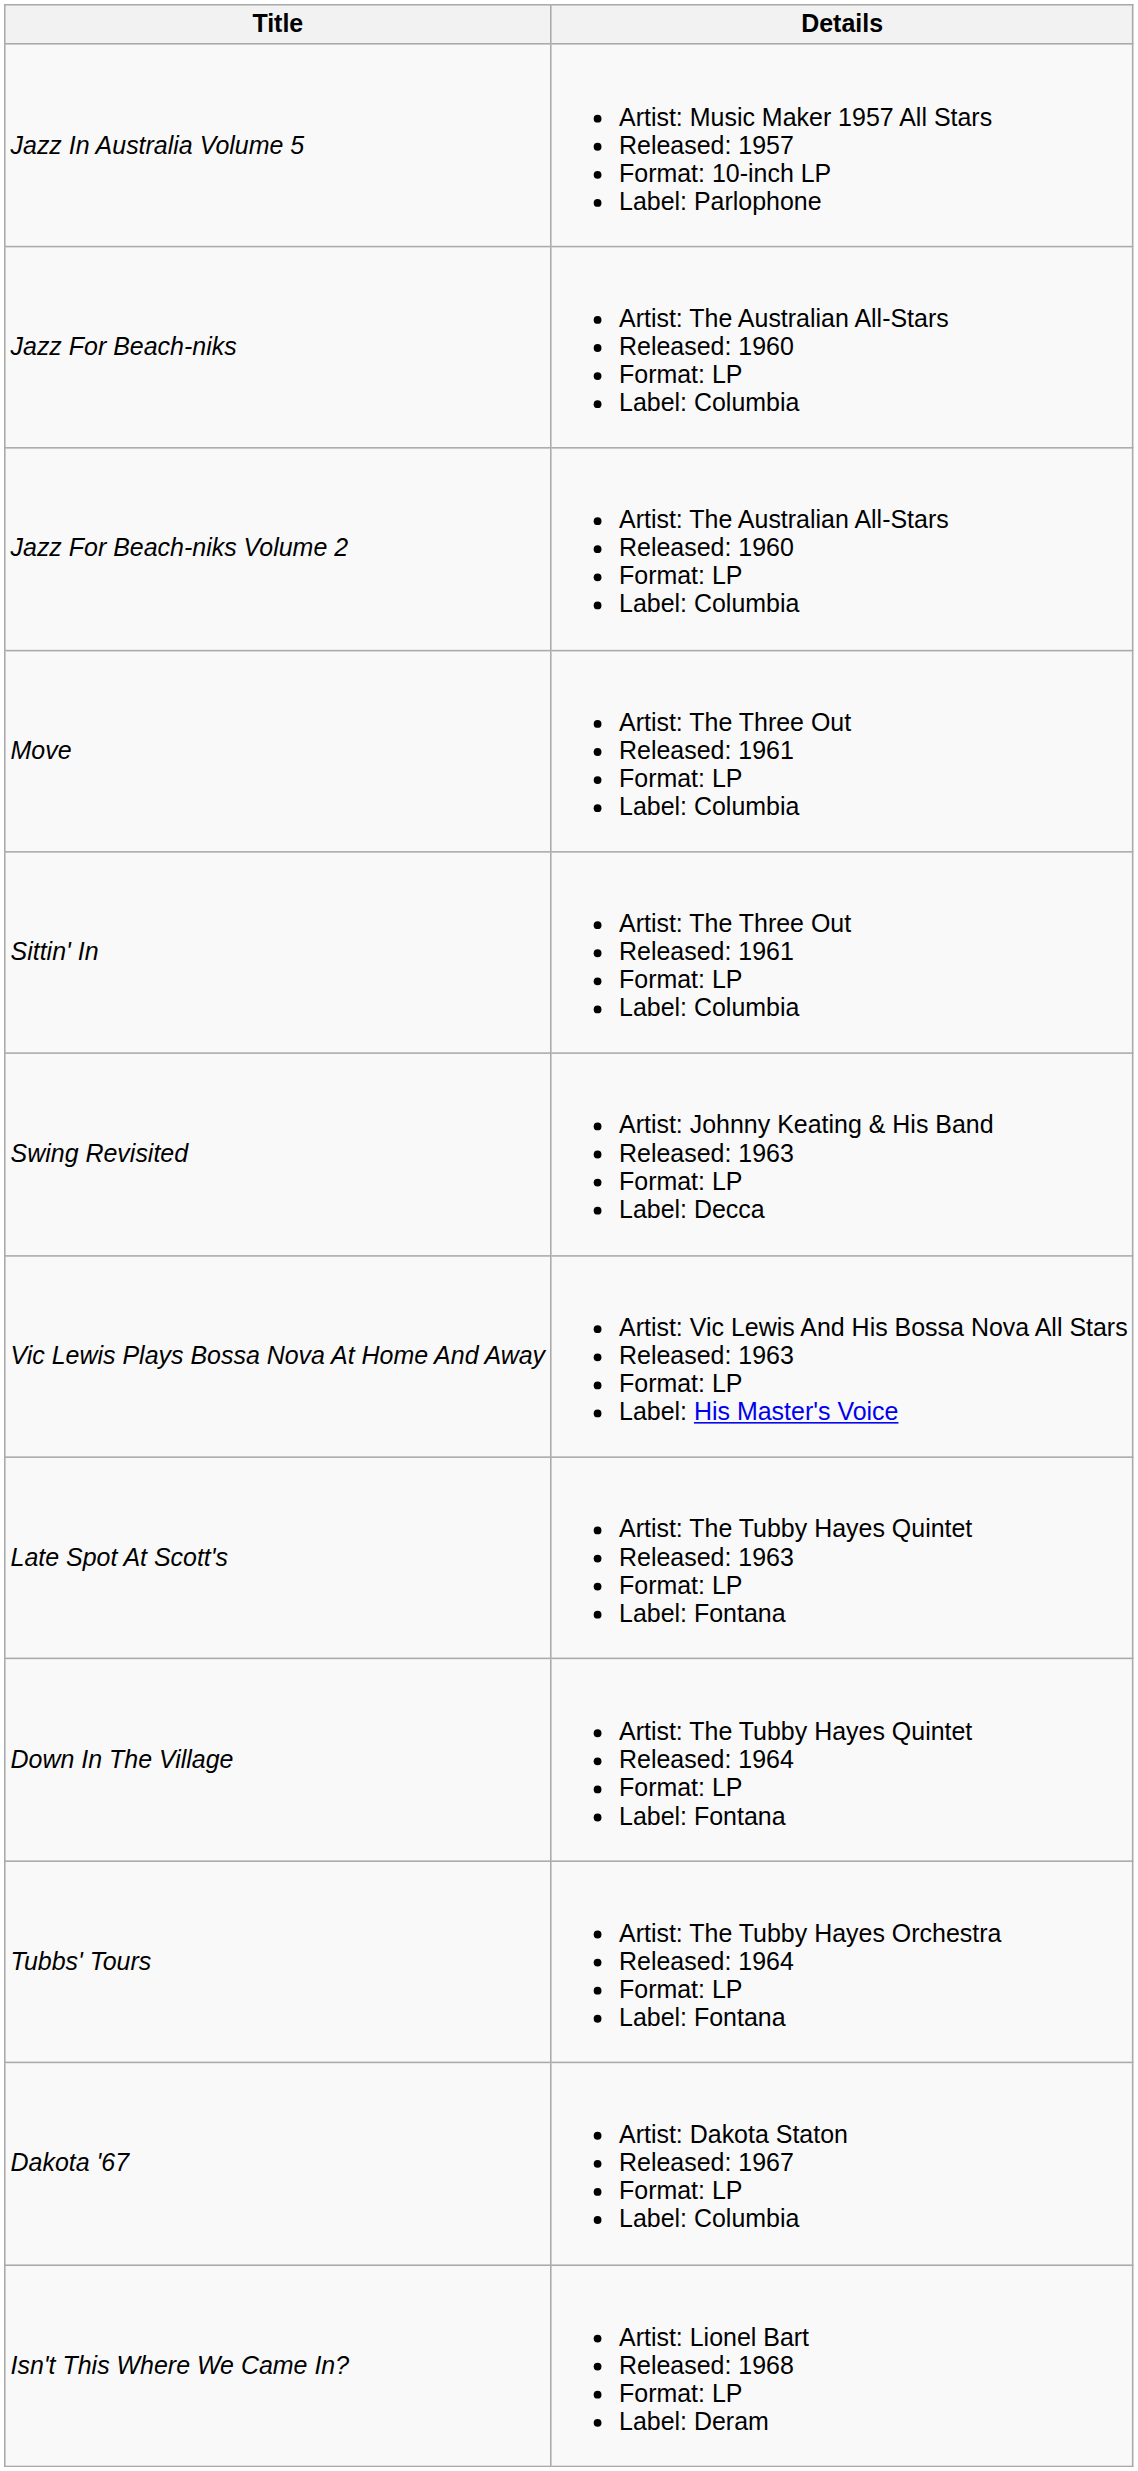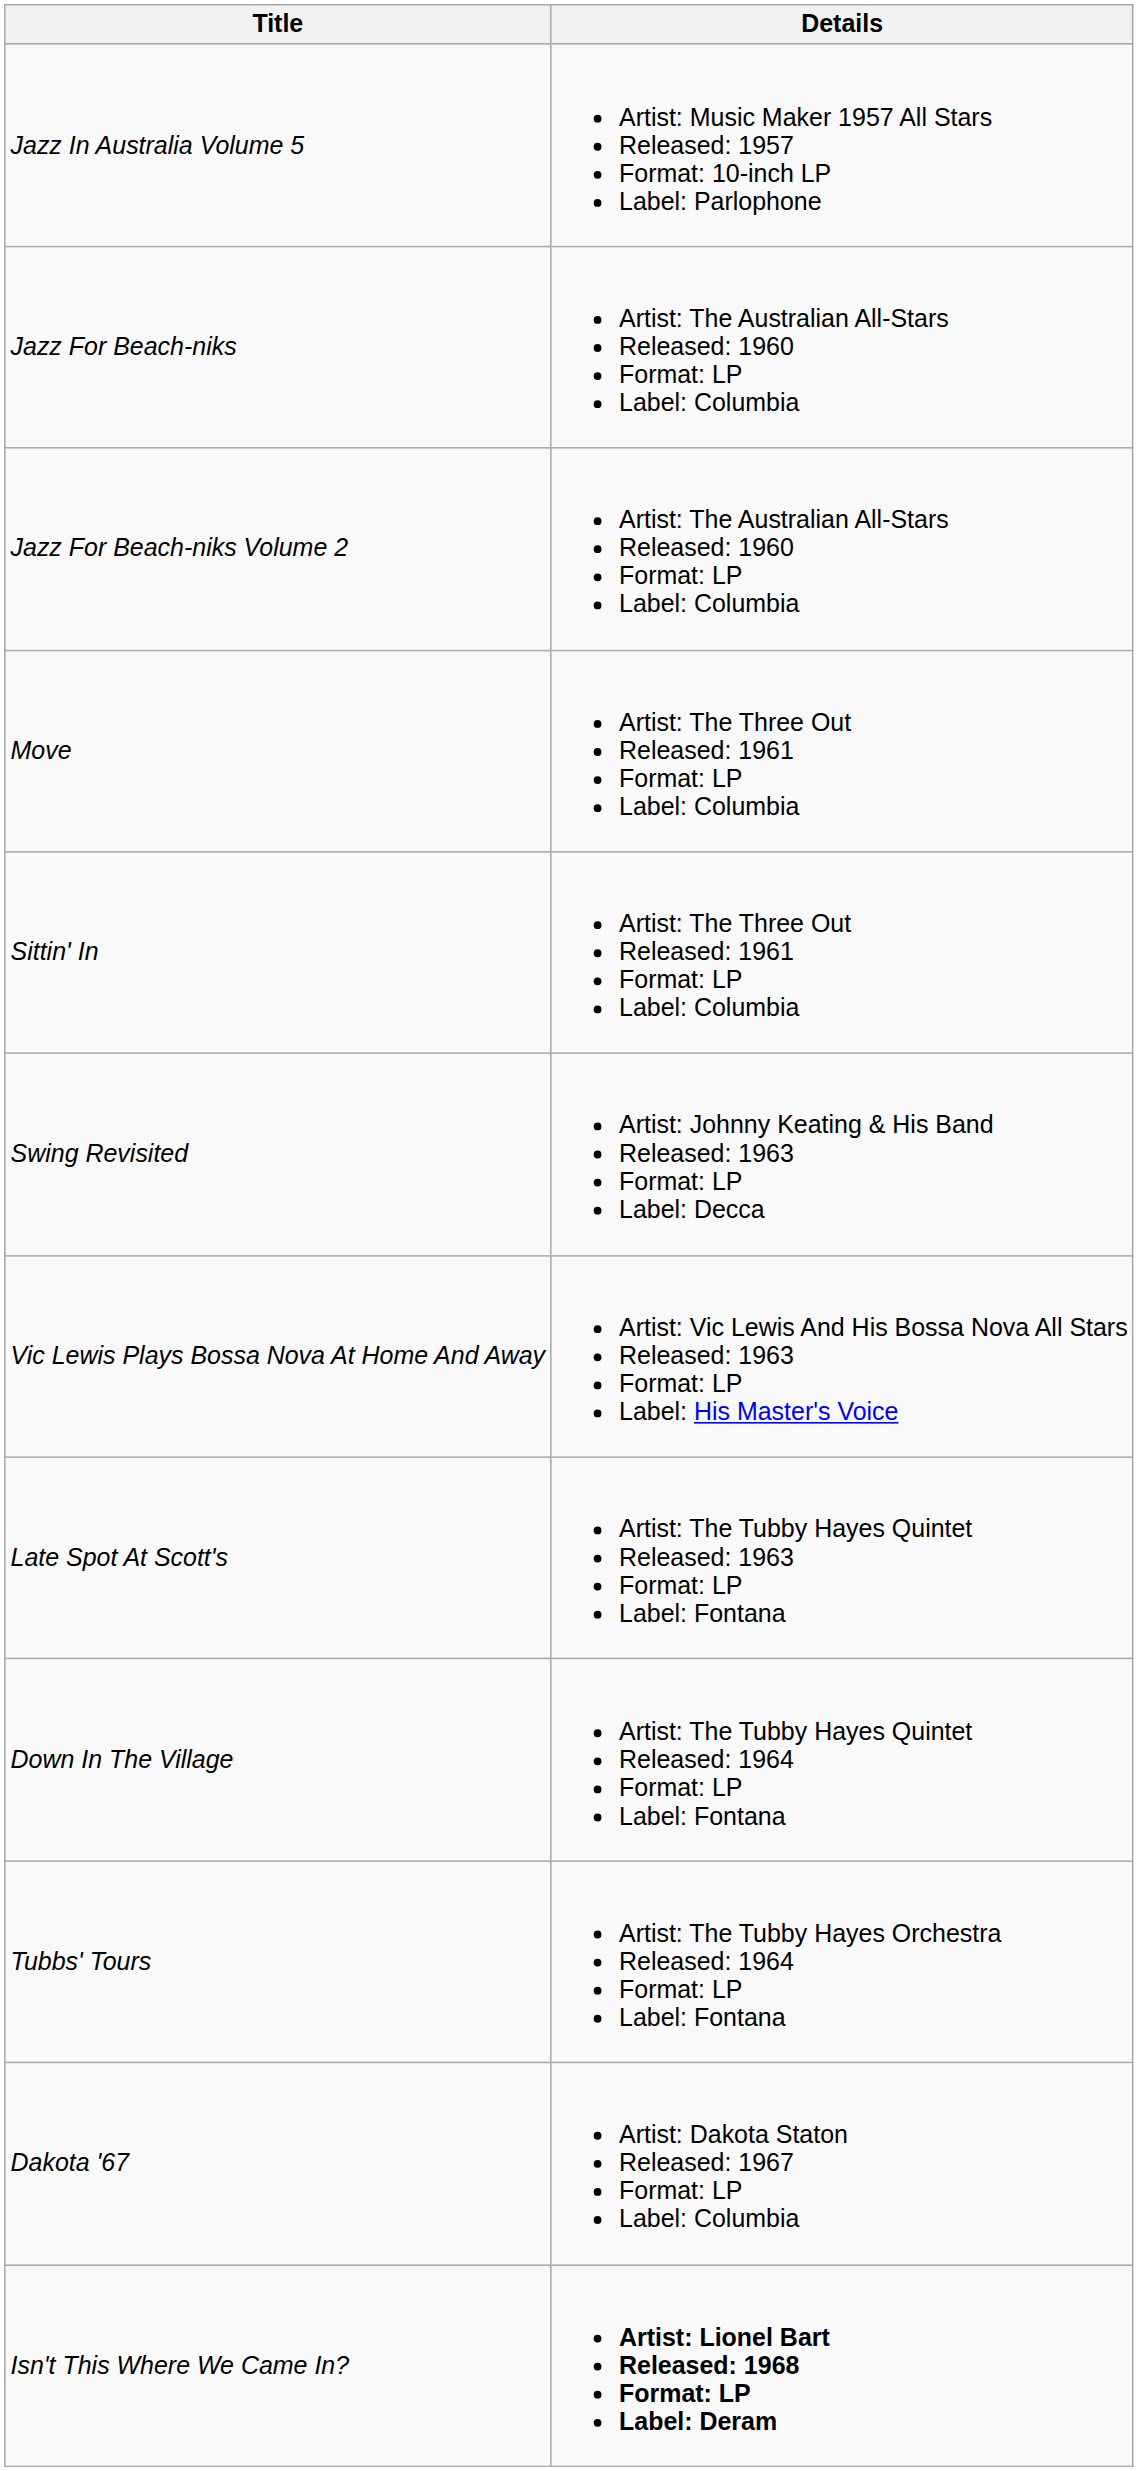 <table class="wikitable">
 <tr>
 <th>Title</th>
 <th>Details</th>
 </tr>
 <tr>
 <td><em>Jazz In Australia Volume 5</em></td>
 <td><br><ul><li>Artist: Music Maker 1957 All Stars</li><li>Released: 1957</li><li>Format: 10-inch LP</li><li>Label: Parlophone</li></ul></td>
 </tr>
 <tr>
 <td><em>Jazz For Beach-niks</em></td>
 <td><br><ul><li>Artist: The Australian All-Stars</li><li>Released: 1960</li><li>Format: LP</li><li>Label: Columbia</li></ul></td>
 </tr>
 <tr>
 <td><em>Jazz For Beach-niks Volume 2</em></td>
 <td><br><ul><li>Artist: The Australian All-Stars</li><li>Released: 1960</li><li>Format: LP</li><li>Label: Columbia</li></ul></td>
 </tr>
 <tr>
 <td><em>Move</em></td>
 <td><br><ul><li>Artist: The Three Out</li><li>Released: 1961</li><li>Format: LP</li><li>Label: Columbia</li></ul></td>
 </tr>
 <tr>
 <td><em>Sittin' In</em></td>
 <td><br><ul><li>Artist: The Three Out</li><li>Released: 1961</li><li>Format: LP</li><li>Label: Columbia</li></ul></td>
 </tr>
 <tr>
 <td><em>Swing Revisited</em></td>
 <td><br><ul><li>Artist: Johnny Keating & His Band</li><li>Released: 1963</li><li>Format: LP</li><li>Label: Decca</li></ul></td>
 </tr>
 <tr>
 <td><em>Vic Lewis Plays Bossa Nova At Home And Away</em></td>
 <td><br><ul><li>Artist: Vic Lewis And His Bossa Nova All Stars</li><li>Released: 1963</li><li>Format: LP</li><li>Label: <a href='#'>His Master's Voice</a></li></ul></td>
 </tr>
 <tr>
 <td><em>Late Spot At Scott's</em></td>
 <td><br><ul><li>Artist: The Tubby Hayes Quintet</li><li>Released: 1963</li><li>Format: LP</li><li>Label: Fontana</li></ul></td>
 </tr>
 <tr>
 <td><em>Down In The Village</em></td>
 <td><br><ul><li>Artist: The Tubby Hayes Quintet</li><li>Released: 1964</li><li>Format: LP</li><li>Label: Fontana</li></ul></td>
 </tr>
 <tr>
 <td><em>Tubbs' Tours</em></td>
 <td><br><ul><li>Artist: The Tubby Hayes Orchestra</li><li>Released: 1964</li><li>Format: LP</li><li>Label: Fontana</li></ul></td>
 </tr>
 <tr>
 <td><em>Dakota '67</em></td>
 <td><br><ul><li>Artist: Dakota Staton</li><li>Released: 1967</li><li>Format: LP</li><li>Label: Columbia</li></ul></td>
 </tr>
 <tr>
 <td><em>Isn't This Where We Came In?</em></td>
-<td><br><ul><li>Artist: Lionel Bart</li><li>Released: 1968</li><li>Format: LP</li><li>Label: Deram</li></ul></td>
+<td><strong><br><ul><li>Artist: Lionel Bart</li><li>Released: 1968</li><li>Format: LP</li><li>Label: Deram</li></ul></strong></td>
 </tr>
 </table>
